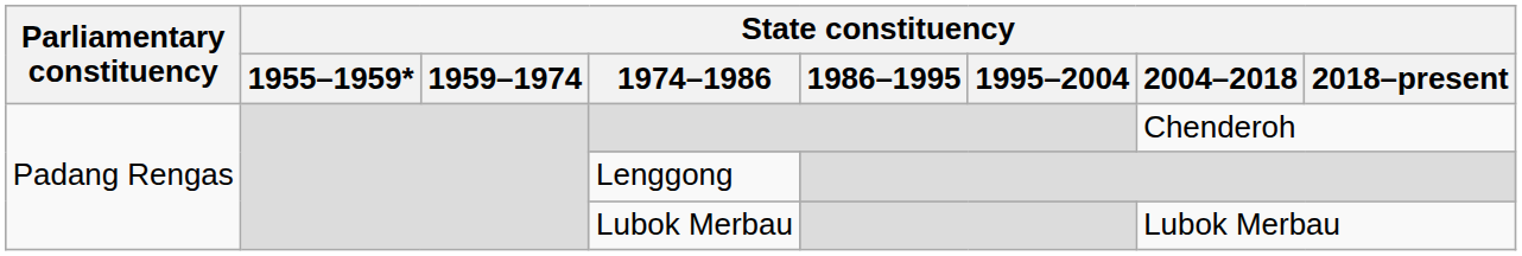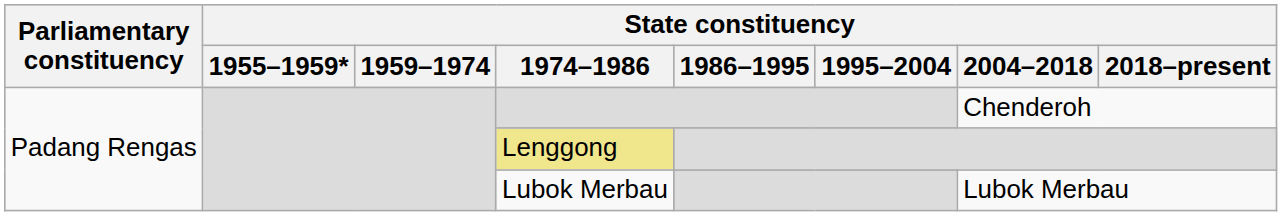 <table class="wikitable">
 <tr>
 <th rowspan="2">Parliamentary<br>constituency</th>
 <th colspan="7">State constituency</th>
 </tr>
 <tr>
 <th>1955–1959*</th>
 <th>1959–1974</th>
 <th>1974–1986</th>
 <th>1986–1995</th>
 <th>1995–2004</th>
 <th>2004–2018</th>
 <th>2018–present</th>
 </tr>
 <tr>
 <td rowspan="3">Padang Rengas</td>
 <td colspan="2" rowspan="3" bgcolor="dcdcdc"></td>
 <td colspan="3" bgcolor="dcdcdc"></td>
 <td colspan="2">Chenderoh</td>
 </tr>
 <tr>
-<td>Lenggong</td>
+<td style="background: khaki;">Lenggong</td>
 <td colspan="4" bgcolor="dcdcdc"></td>
 </tr>
 <tr>
 <td>Lubok Merbau</td>
 <td colspan="2" bgcolor="dcdcdc"></td>
 <td colspan="2">Lubok Merbau</td>
 </tr>
 </table>
